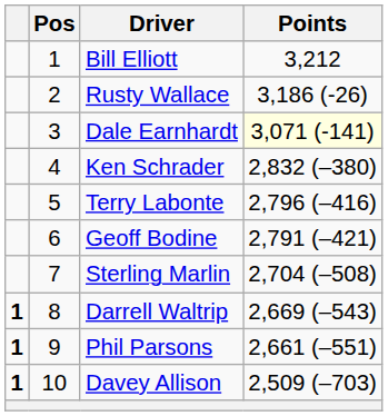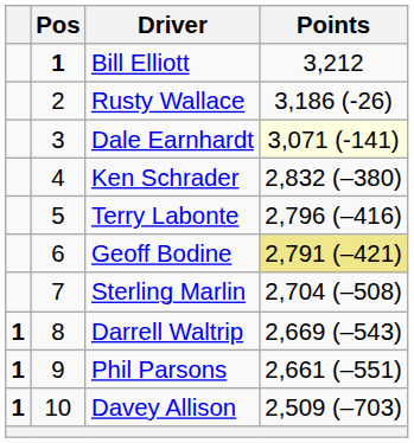 <table class="wikitable" style="font-size: 95%;">
 <tr>
 <th></th>
 <th>Pos</th>
 <th>Driver</th>
 <th>Points</th>
 </tr>
 <tr>
 <td align="left"></td>
-<td style="text-align:center;">1</td>
+<td style="text-align:center;"><strong>1</strong></td>
 <td><a href='#'>Bill Elliott</a></td>
 <td style="text-align:center;">3,212</td>
 </tr>
 <tr>
 <td align="left"></td>
 <td style="text-align:center;">2</td>
 <td><a href='#'>Rusty Wallace</a></td>
 <td style="text-align:center;">3,186 (-26)</td>
 </tr>
 <tr>
 <td align="left"></td>
 <td style="text-align:center;">3</td>
 <td><a href='#'>Dale Earnhardt</a></td>
 <td style="background: lightyellow; text-align:center;">3,071 (-141)</td>
 </tr>
 <tr>
 <td align="left"></td>
 <td style="text-align:center;">4</td>
 <td><a href='#'>Ken Schrader</a></td>
 <td style="text-align:center;">2,832 (–380)</td>
 </tr>
 <tr>
 <td align="left"></td>
 <td style="text-align:center;">5</td>
 <td><a href='#'>Terry Labonte</a></td>
 <td style="text-align:center;">2,796 (–416)</td>
 </tr>
 <tr>
 <td align="left"></td>
 <td style="text-align:center;">6</td>
 <td><a href='#'>Geoff Bodine</a></td>
-<td style="text-align:center;">2,791 (–421)</td>
+<td style="background: khaki; text-align:center;">2,791 (–421)</td>
 </tr>
 <tr>
 <td align="left"></td>
 <td style="text-align:center;">7</td>
 <td><a href='#'>Sterling Marlin</a></td>
 <td style="text-align:center;">2,704 (–508)</td>
 </tr>
 <tr>
 <td align="left">  <strong>1</strong></td>
 <td style="text-align:center;">8</td>
 <td><a href='#'>Darrell Waltrip</a></td>
 <td style="text-align:center;">2,669 (–543)</td>
 </tr>
 <tr>
 <td align="left">  <strong>1</strong></td>
 <td style="text-align:center;">9</td>
 <td><a href='#'>Phil Parsons</a></td>
 <td style="text-align:center;">2,661 (–551)</td>
 </tr>
 <tr>
 <td align="left">  <strong>1</strong></td>
 <td style="text-align:center;">10</td>
 <td><a href='#'>Davey Allison</a></td>
 <td style="text-align:center;">2,509 (–703)</td>
 </tr>
 <tr class="sortbottom">
 <th colspan="9"></th>
 </tr>
 </table>
